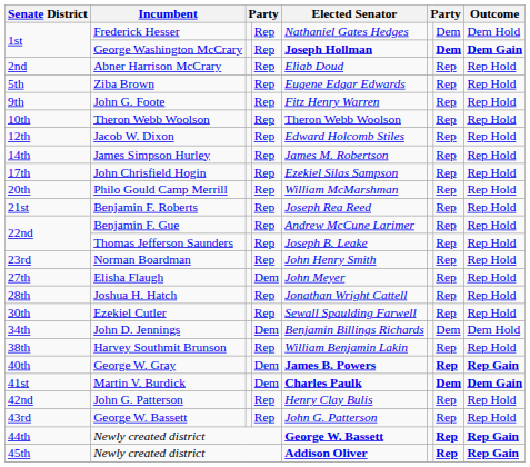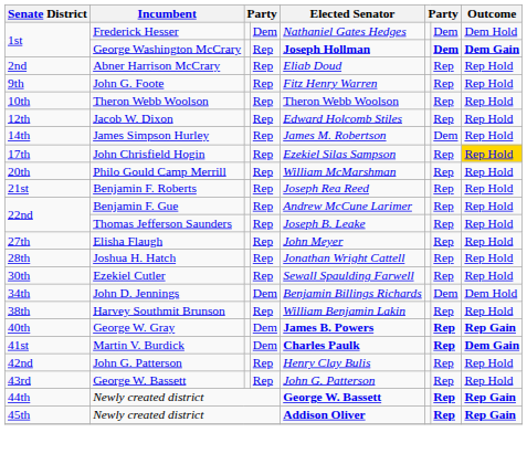 <table class="sortable wikitable" style="font-size:95%;line-height:14px;">
 <tr>
 <th class="sortable"><a href='#'>Senate</a> District</th>
 <th class="sortable"><a href='#'>Incumbent</a></th>
 <th colspan="2">Party</th>
 <th class="sortable">Elected Senator</th>
 <th colspan="2">Party</th>
 <th class="sortable">Outcome</th>
 </tr>
 <tr>
 <td rowspan="2"><a href='#'>1st</a></td>
 <td><a href='#'>Frederick Hesser</a></td>
 <td style="background:"></td>
-<td><a href='#'>Rep</a></td>
+<td><a href='#'>Dem</a></td>
 <td><em><a href='#'>Nathaniel Gates Hedges</a></em></td>
 <td style="background:"></td>
 <td><a href='#'>Dem</a></td>
 <td><a href='#'>Dem Hold</a></td>
 </tr>
 <tr>
 <td><a href='#'>George Washington McCrary</a></td>
 <td style="background:"></td>
 <td><a href='#'>Rep</a></td>
 <td><strong><a href='#'>Joseph Hollman</a></strong></td>
 <td style="background:"></td>
 <td><strong><a href='#'>Dem</a></strong></td>
 <td><strong><a href='#'>Dem Gain</a></strong></td>
 </tr>
 <tr>
 <td><a href='#'>2nd</a></td>
 <td><a href='#'>Abner Harrison McCrary</a></td>
 <td style="background:"></td>
 <td><a href='#'>Rep</a></td>
 <td><em><a href='#'>Eliab Doud</a></em></td>
-<td style="background:"></td>
-<td><a href='#'>Rep</a></td>
-<td><a href='#'>Rep Hold</a></td>
-</tr>
-<tr>
-<td><a href='#'>5th</a></td>
-<td><a href='#'>Ziba Brown</a></td>
-<td style="background:"></td>
-<td><a href='#'>Rep</a></td>
-<td><em><a href='#'>Eugene Edgar Edwards</a></em></td>
 <td style="background:"></td>
 <td><a href='#'>Rep</a></td>
 <td><a href='#'>Rep Hold</a></td>
 </tr>
 <tr>
 <td><a href='#'>9th</a></td>
 <td><a href='#'>John G. Foote</a></td>
 <td style="background:"></td>
 <td><a href='#'>Rep</a></td>
 <td><em><a href='#'>Fitz Henry Warren</a></em></td>
 <td style="background:"></td>
 <td><a href='#'>Rep</a></td>
 <td><a href='#'>Rep Hold</a></td>
 </tr>
 <tr>
 <td><a href='#'>10th</a></td>
 <td><a href='#'>Theron Webb Woolson</a></td>
 <td style="background:"></td>
 <td><a href='#'>Rep</a></td>
 <td><a href='#'>Theron Webb Woolson</a></td>
 <td style="background:"></td>
 <td><a href='#'>Rep</a></td>
 <td><a href='#'>Rep Hold</a></td>
 </tr>
 <tr>
 <td><a href='#'>12th</a></td>
 <td><a href='#'>Jacob W. Dixon</a></td>
 <td style="background:"></td>
 <td><a href='#'>Rep</a></td>
 <td><em><a href='#'>Edward Holcomb Stiles</a></em></td>
 <td style="background:"></td>
 <td><a href='#'>Rep</a></td>
 <td><a href='#'>Rep Hold</a></td>
 </tr>
 <tr>
 <td><a href='#'>14th</a></td>
 <td><a href='#'>James Simpson Hurley</a></td>
 <td style="background:"></td>
 <td><a href='#'>Rep</a></td>
 <td><em><a href='#'>James M. Robertson</a></em></td>
 <td style="background:"></td>
-<td><a href='#'>Rep</a></td>
+<td><a href='#'>Dem</a></td>
 <td><a href='#'>Rep Hold</a></td>
 </tr>
 <tr>
 <td><a href='#'>17th</a></td>
 <td><a href='#'>John Chrisfield Hogin</a></td>
 <td style="background:"></td>
 <td><a href='#'>Rep</a></td>
 <td><em><a href='#'>Ezekiel Silas Sampson</a></em></td>
 <td style="background:"></td>
 <td><a href='#'>Rep</a></td>
-<td><a href='#'>Rep Hold</a></td>
+<td style="background: gold;"><a href='#'>Rep Hold</a></td>
 </tr>
 <tr>
 <td><a href='#'>20th</a></td>
 <td><a href='#'>Philo Gould Camp Merrill</a></td>
 <td style="background:"></td>
 <td><a href='#'>Rep</a></td>
 <td><em><a href='#'>William McMarshman</a></em></td>
 <td style="background:"></td>
 <td><a href='#'>Rep</a></td>
 <td><a href='#'>Rep Hold</a></td>
 </tr>
 <tr>
 <td><a href='#'>21st</a></td>
 <td><a href='#'>Benjamin F. Roberts</a></td>
 <td style="background:"></td>
 <td><a href='#'>Rep</a></td>
 <td><em><a href='#'>Joseph Rea Reed</a></em></td>
 <td style="background:"></td>
 <td><a href='#'>Rep</a></td>
 <td><a href='#'>Rep Hold</a></td>
 </tr>
 <tr>
 <td rowspan="2"><a href='#'>22nd</a></td>
 <td><a href='#'>Benjamin F. Gue</a></td>
 <td style="background:"></td>
 <td><a href='#'>Rep</a></td>
 <td><em><a href='#'>Andrew McCune Larimer</a></em></td>
 <td style="background:"></td>
 <td><a href='#'>Rep</a></td>
 <td><a href='#'>Rep Hold</a></td>
 </tr>
 <tr>
 <td><a href='#'>Thomas Jefferson Saunders</a></td>
 <td style="background:"></td>
 <td><a href='#'>Rep</a></td>
 <td><em><a href='#'>Joseph B. Leake</a></em></td>
 <td style="background:"></td>
 <td><a href='#'>Rep</a></td>
 <td><a href='#'>Rep Hold</a></td>
 </tr>
 <tr>
-<td><a href='#'>23rd</a></td>
-<td><a href='#'>Norman Boardman</a></td>
-<td style="background:"></td>
-<td><a href='#'>Rep</a></td>
-<td><em><a href='#'>John Henry Smith</a></em></td>
-<td style="background:"></td>
-<td><a href='#'>Rep</a></td>
-<td><a href='#'>Rep Hold</a></td>
-</tr>
-<tr>
 <td><a href='#'>27th</a></td>
 <td><a href='#'>Elisha Flaugh</a></td>
 <td style="background:"></td>
-<td><a href='#'>Dem</a></td>
+<td><a href='#'>Rep</a></td>
 <td><em><a href='#'>John Meyer</a></em></td>
 <td style="background:"></td>
 <td><a href='#'>Rep</a></td>
 <td><a href='#'>Rep Hold</a></td>
 </tr>
 <tr>
 <td><a href='#'>28th</a></td>
 <td><a href='#'>Joshua H. Hatch</a></td>
 <td style="background:"></td>
 <td><a href='#'>Rep</a></td>
 <td><em><a href='#'>Jonathan Wright Cattell</a></em></td>
 <td style="background:"></td>
 <td><a href='#'>Rep</a></td>
 <td><a href='#'>Rep Hold</a></td>
 </tr>
 <tr>
 <td><a href='#'>30th</a></td>
 <td><a href='#'>Ezekiel Cutler</a></td>
 <td style="background:"></td>
 <td><a href='#'>Rep</a></td>
 <td><em><a href='#'>Sewall Spaulding Farwell</a></em></td>
 <td style="background:"></td>
 <td><a href='#'>Rep</a></td>
 <td><a href='#'>Rep Hold</a></td>
 </tr>
 <tr>
 <td><a href='#'>34th</a></td>
 <td><a href='#'>John D. Jennings</a></td>
 <td style="background:"></td>
 <td><a href='#'>Dem</a></td>
 <td><em><a href='#'>Benjamin Billings Richards</a></em></td>
 <td style="background:"></td>
 <td><a href='#'>Dem</a></td>
 <td><a href='#'>Dem Hold</a></td>
 </tr>
 <tr>
 <td><a href='#'>38th</a></td>
 <td><a href='#'>Harvey Southmit Brunson</a></td>
 <td style="background:"></td>
 <td><a href='#'>Rep</a></td>
 <td><em><a href='#'>William Benjamin Lakin</a></em></td>
 <td style="background:"></td>
 <td><a href='#'>Rep</a></td>
 <td><a href='#'>Rep Hold</a></td>
 </tr>
 <tr>
 <td><a href='#'>40th</a></td>
 <td><a href='#'>George W. Gray</a></td>
 <td style="background:"></td>
 <td><a href='#'>Dem</a></td>
 <td><strong><a href='#'>James B. Powers</a></strong></td>
 <td style="background:"></td>
 <td><strong><a href='#'>Rep</a></strong></td>
 <td><strong><a href='#'>Rep Gain</a></strong></td>
 </tr>
 <tr>
 <td><a href='#'>41st</a></td>
 <td><a href='#'>Martin V. Burdick</a></td>
 <td style="background:"></td>
 <td><a href='#'>Dem</a></td>
 <td><strong><a href='#'>Charles Paulk</a></strong></td>
 <td style="background:"></td>
-<td><strong><a href='#'>Dem</a></strong></td>
+<td><strong><a href='#'>Rep</a></strong></td>
 <td><strong><a href='#'>Dem Gain</a></strong></td>
 </tr>
 <tr>
 <td><a href='#'>42nd</a></td>
 <td><a href='#'>John G. Patterson</a></td>
 <td style="background:"></td>
 <td><a href='#'>Rep</a></td>
 <td><em><a href='#'>Henry Clay Bulis</a></em></td>
 <td style="background:"></td>
 <td><a href='#'>Rep</a></td>
 <td><a href='#'>Rep Hold</a></td>
 </tr>
 <tr>
 <td><a href='#'>43rd</a></td>
 <td><a href='#'>George W. Bassett</a></td>
 <td style="background:"></td>
 <td><a href='#'>Rep</a></td>
 <td><em><a href='#'>John G. Patterson</a></em></td>
 <td style="background:"></td>
 <td><a href='#'>Rep</a></td>
 <td><a href='#'>Rep Hold</a></td>
 </tr>
 <tr>
 <td><a href='#'>44th</a></td>
 <td colspan="3" ><em>Newly created district</em></td>
 <td><strong><a href='#'>George W. Bassett</a></strong></td>
 <td style="background:"></td>
 <td><strong><a href='#'>Rep</a></strong></td>
 <td><strong><a href='#'>Rep Gain</a></strong></td>
 </tr>
 <tr>
 <td><a href='#'>45th</a></td>
 <td colspan="3" ><em>Newly created district</em></td>
 <td><strong><a href='#'>Addison Oliver</a></strong></td>
 <td style="background:"></td>
 <td><strong><a href='#'>Rep</a></strong></td>
 <td><strong><a href='#'>Rep Gain</a></strong></td>
 </tr>
 <tr>
 </tr>
 </table>
